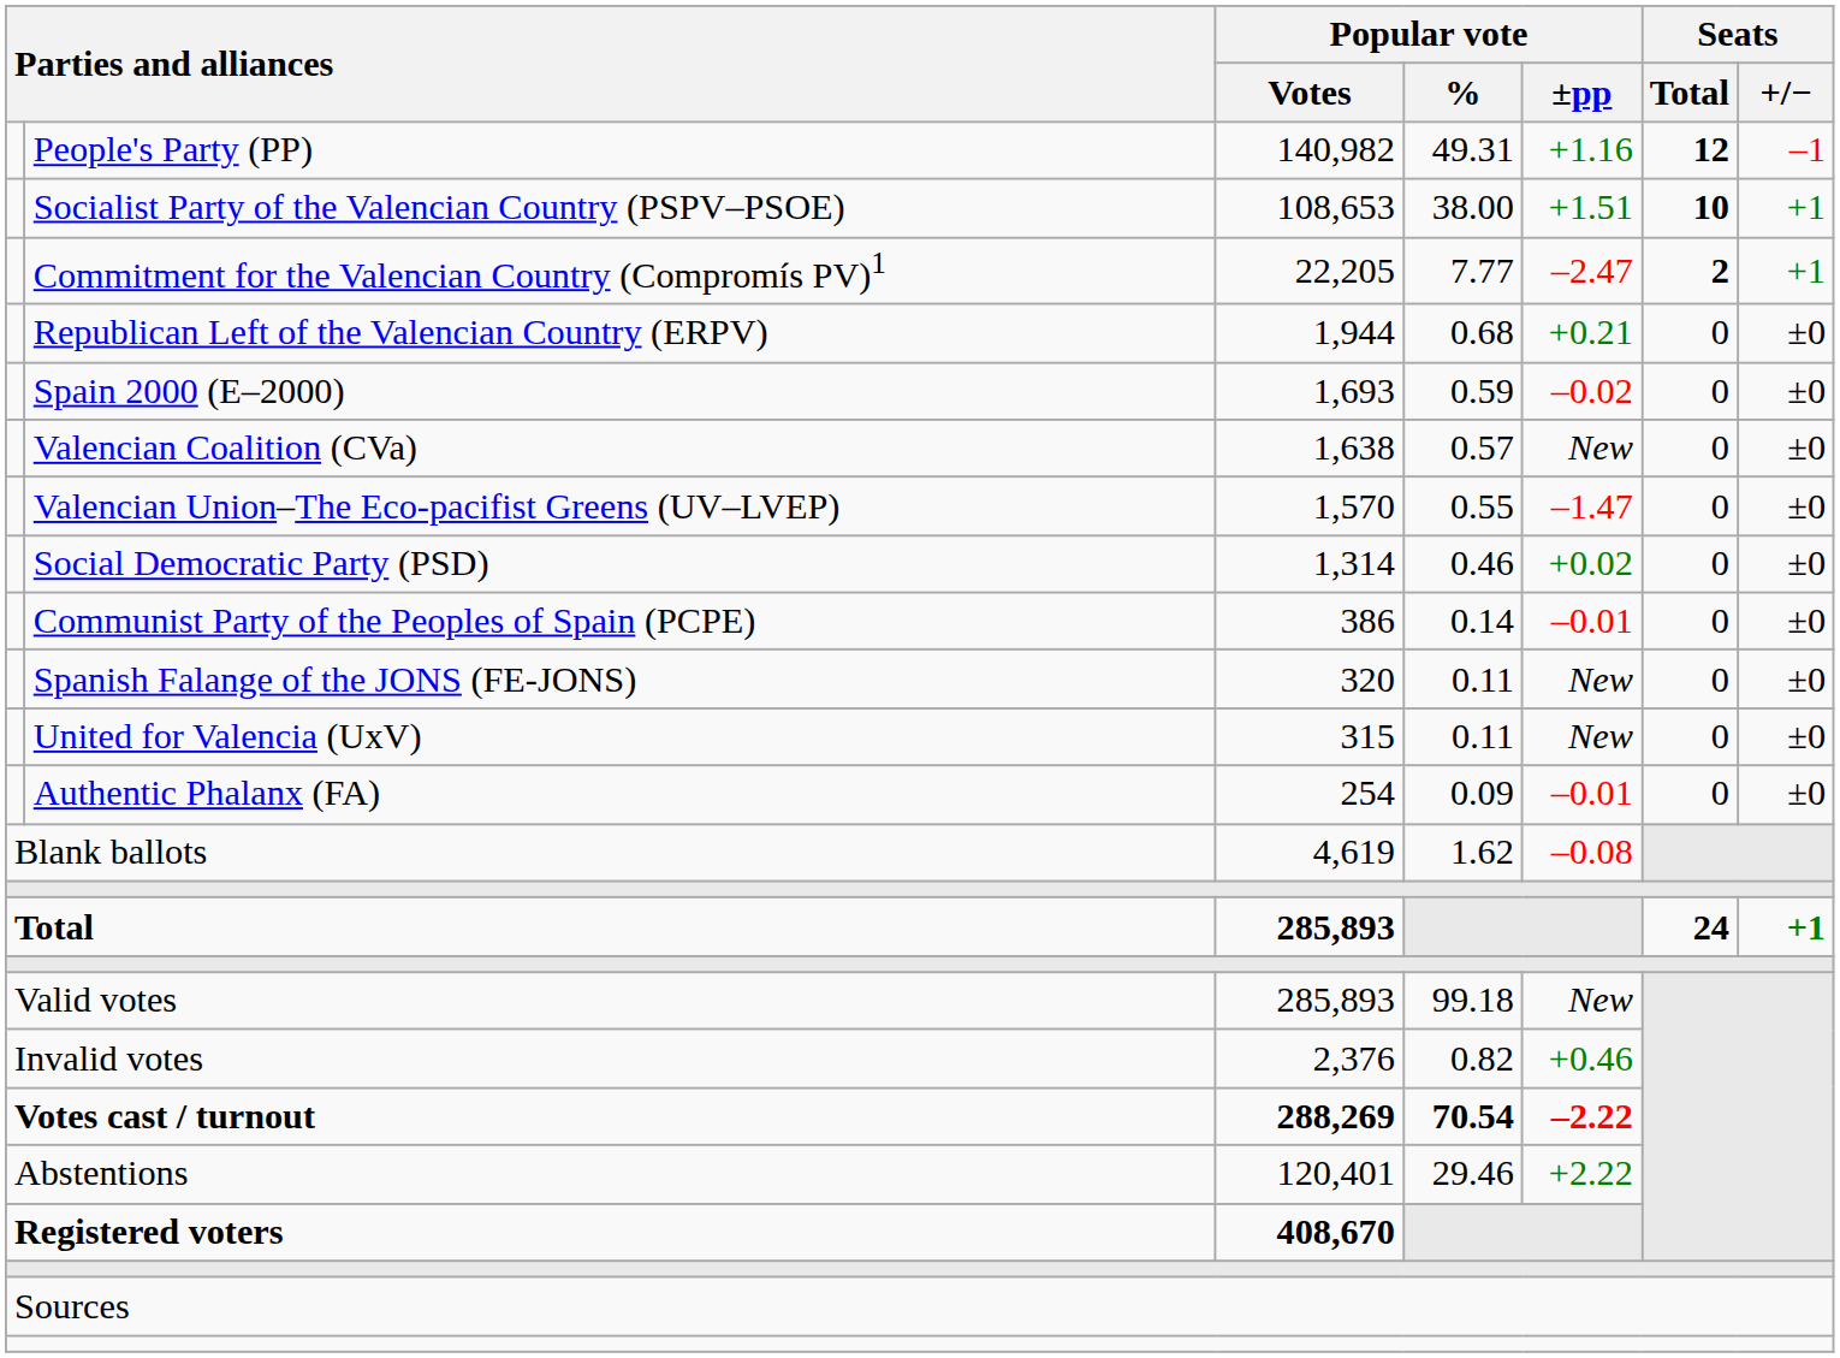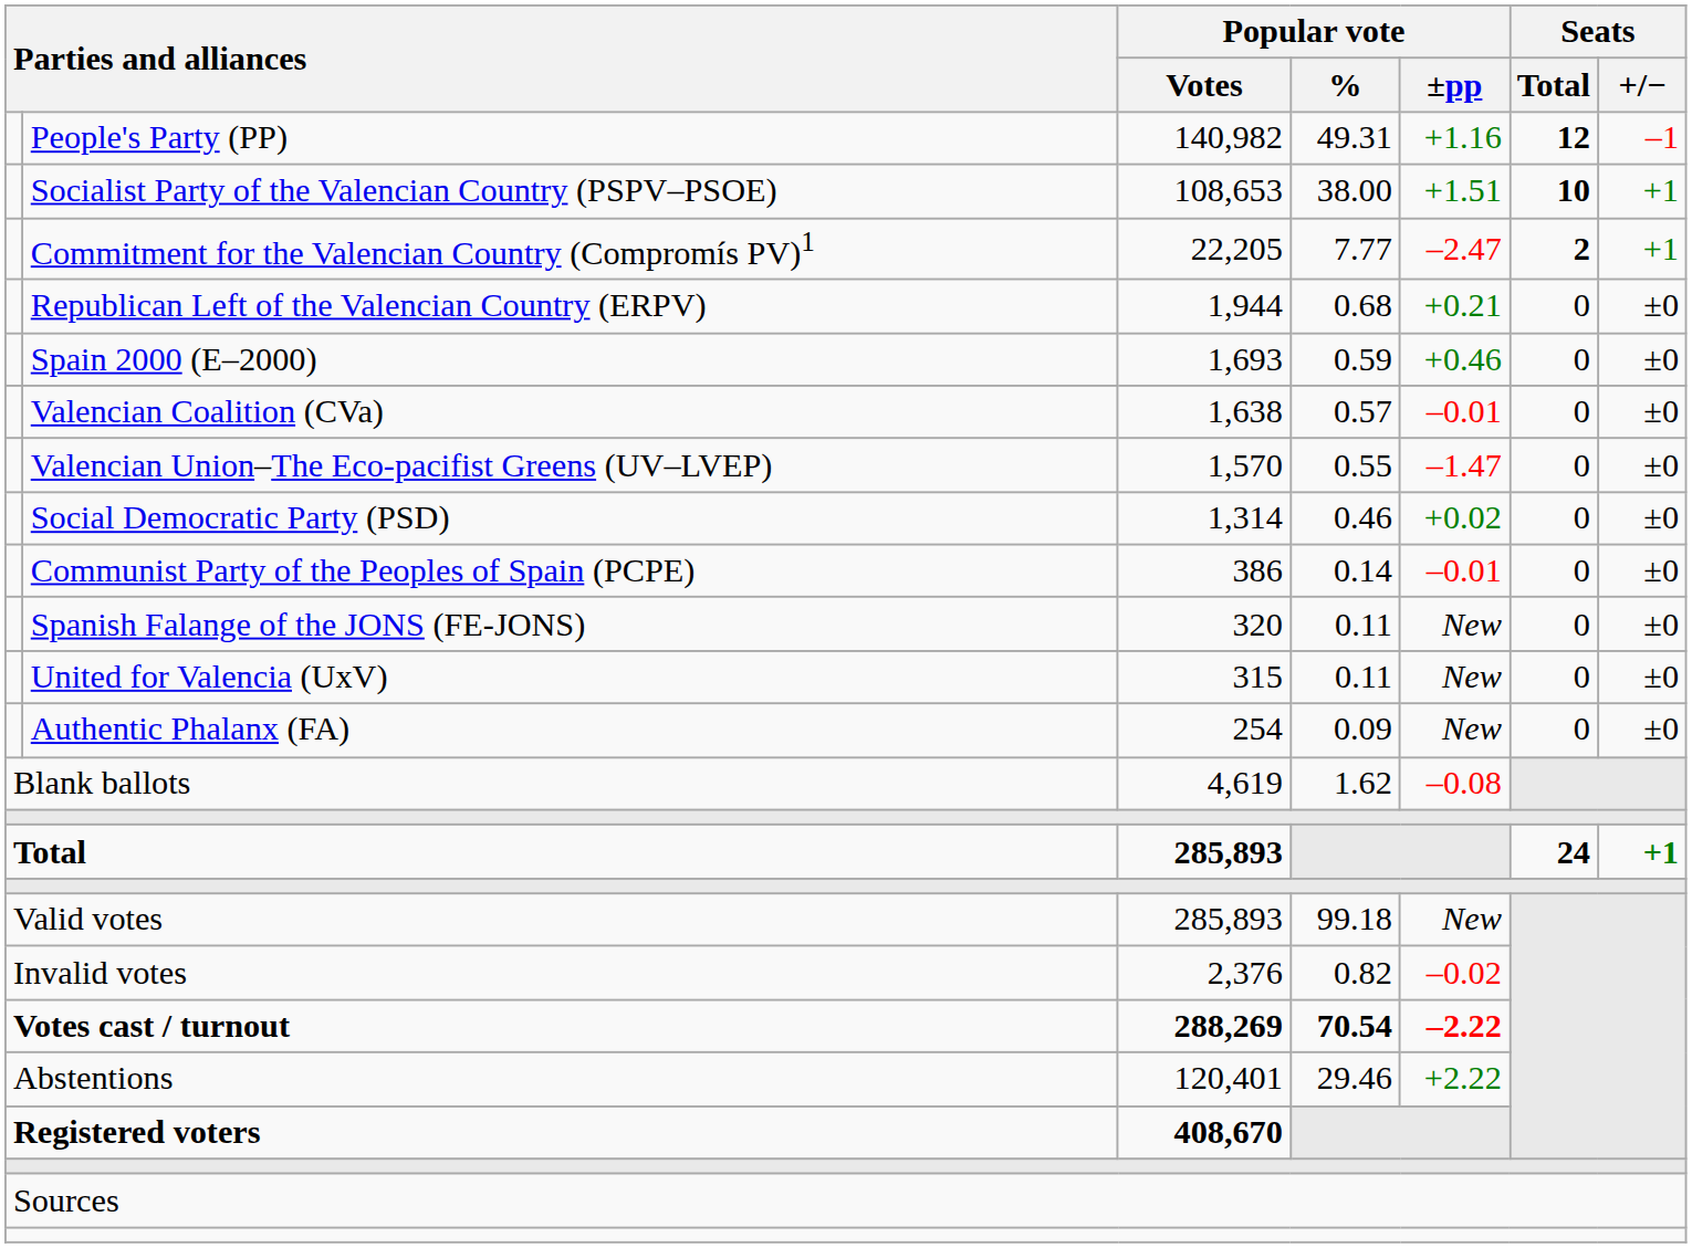 <table class="wikitable" style="text-align:right;">
 <tr>
 <th style="text-align:left;" rowspan="2" colspan="2" width="525">Parties and alliances</th>
 <th colspan="3">Popular vote</th>
 <th colspan="2">Seats</th>
 </tr>
 <tr>
 <th width="75">Votes</th>
 <th width="45">%</th>
 <th width="45">±<a href='#'>pp</a></th>
 <th width="35">Total</th>
 <th width="35">+/−</th>
 </tr>
 <tr>
 <td width="1" style="color:inherit;background:"></td>
 <td align="left"><a href='#'>People's Party</a> (PP)</td>
 <td>140,982</td>
 <td>49.31</td>
 <td style="color:green;">+1.16</td>
 <td><strong>12</strong></td>
 <td style="color:red;">–1</td>
 </tr>
 <tr>
 <td style="color:inherit;background:"></td>
 <td align="left"><a href='#'>Socialist Party of the Valencian Country</a> (PSPV–PSOE)</td>
 <td>108,653</td>
 <td>38.00</td>
 <td style="color:green;">+1.51</td>
 <td><strong>10</strong></td>
 <td style="color:green;">+1</td>
 </tr>
 <tr>
 <td style="color:inherit;background:"></td>
 <td align="left"><a href='#'>Commitment for the Valencian Country</a> (Compromís PV)<sup>1</sup></td>
 <td>22,205</td>
 <td>7.77</td>
 <td style="color:red;">–2.47</td>
 <td><strong>2</strong></td>
 <td style="color:green;">+1</td>
 </tr>
 <tr>
 <td style="color:inherit;background:"></td>
 <td align="left"><a href='#'>Republican Left of the Valencian Country</a> (ERPV)</td>
 <td>1,944</td>
 <td>0.68</td>
 <td style="color:green;">+0.21</td>
 <td>0</td>
 <td>±0</td>
 </tr>
 <tr>
 <td style="color:inherit;background:"></td>
 <td align="left"><a href='#'>Spain 2000</a> (E–2000)</td>
 <td>1,693</td>
 <td>0.59</td>
-<td style="color:red;">–0.02</td>
+<td style="color:green;">+0.46</td>
 <td>0</td>
 <td>±0</td>
 </tr>
 <tr>
 <td style="color:inherit;background:"></td>
 <td align="left"><a href='#'>Valencian Coalition</a> (CVa)</td>
 <td>1,638</td>
 <td>0.57</td>
-<td><em>New</em></td>
+<td style="color:red;">–0.01</td>
 <td>0</td>
 <td>±0</td>
 </tr>
 <tr>
 <td style="color:inherit;background:"></td>
 <td align="left"><a href='#'>Valencian Union</a>–<a href='#'>The Eco-pacifist Greens</a> (UV–LVEP)</td>
 <td>1,570</td>
 <td>0.55</td>
 <td style="color:red;">–1.47</td>
 <td>0</td>
 <td>±0</td>
 </tr>
 <tr>
 <td style="color:inherit;background:"></td>
 <td align="left"><a href='#'>Social Democratic Party</a> (PSD)</td>
 <td>1,314</td>
 <td>0.46</td>
 <td style="color:green;">+0.02</td>
 <td>0</td>
 <td>±0</td>
 </tr>
 <tr>
 <td style="color:inherit;background:"></td>
 <td align="left"><a href='#'>Communist Party of the Peoples of Spain</a> (PCPE)</td>
 <td>386</td>
 <td>0.14</td>
 <td style="color:red;">–0.01</td>
 <td>0</td>
 <td>±0</td>
 </tr>
 <tr>
 <td style="color:inherit;background:"></td>
 <td align="left"><a href='#'>Spanish Falange of the JONS</a> (FE-JONS)</td>
 <td>320</td>
 <td>0.11</td>
 <td><em>New</em></td>
 <td>0</td>
 <td>±0</td>
 </tr>
 <tr>
 <td style="color:inherit;background:"></td>
 <td align="left"><a href='#'>United for Valencia</a> (UxV)</td>
 <td>315</td>
 <td>0.11</td>
 <td><em>New</em></td>
 <td>0</td>
 <td>±0</td>
 </tr>
 <tr>
 <td style="color:inherit;background:"></td>
 <td align="left"><a href='#'>Authentic Phalanx</a> (FA)</td>
 <td>254</td>
 <td>0.09</td>
-<td style="color:red;">–0.01</td>
+<td><em>New</em></td>
 <td>0</td>
 <td>±0</td>
 </tr>
 <tr>
 <td align="left" colspan="2">Blank ballots</td>
 <td>4,619</td>
 <td>1.62</td>
 <td style="color:red;">–0.08</td>
 <td bgcolor="#E9E9E9" colspan="2"></td>
 </tr>
 <tr>
 <td colspan="7" bgcolor="#E9E9E9"></td>
 </tr>
 <tr style="font-weight:bold;">
 <td align="left" colspan="2">Total</td>
 <td>285,893</td>
 <td bgcolor="#E9E9E9" colspan="2"></td>
 <td>24</td>
 <td style="color:green;">+1</td>
 </tr>
 <tr>
 <td colspan="7" bgcolor="#E9E9E9"></td>
 </tr>
 <tr>
 <td align="left" colspan="2">Valid votes</td>
 <td>285,893</td>
 <td>99.18</td>
 <td><em>New</em></td>
 <td bgcolor="#E9E9E9" colspan="2" rowspan="5"></td>
 </tr>
 <tr>
 <td align="left" colspan="2">Invalid votes</td>
 <td>2,376</td>
 <td>0.82</td>
-<td style="color:green;">+0.46</td>
+<td style="color:red;">–0.02</td>
 </tr>
 <tr style="font-weight:bold;">
 <td align="left" colspan="2">Votes cast / turnout</td>
 <td>288,269</td>
 <td>70.54</td>
 <td style="color:red;">–2.22</td>
 </tr>
 <tr>
 <td align="left" colspan="2">Abstentions</td>
 <td>120,401</td>
 <td>29.46</td>
 <td style="color:green;">+2.22</td>
 </tr>
 <tr style="font-weight:bold;">
 <td align="left" colspan="2">Registered voters</td>
 <td>408,670</td>
 <td bgcolor="#E9E9E9" colspan="2"></td>
 </tr>
 <tr>
 <td colspan="7" bgcolor="#E9E9E9"></td>
 </tr>
 <tr>
 <td align="left" colspan="7">Sources</td>
 </tr>
 <tr>
 <td colspan="7" style="text-align:left; max-width:790px;"></td>
 </tr>
 </table>
